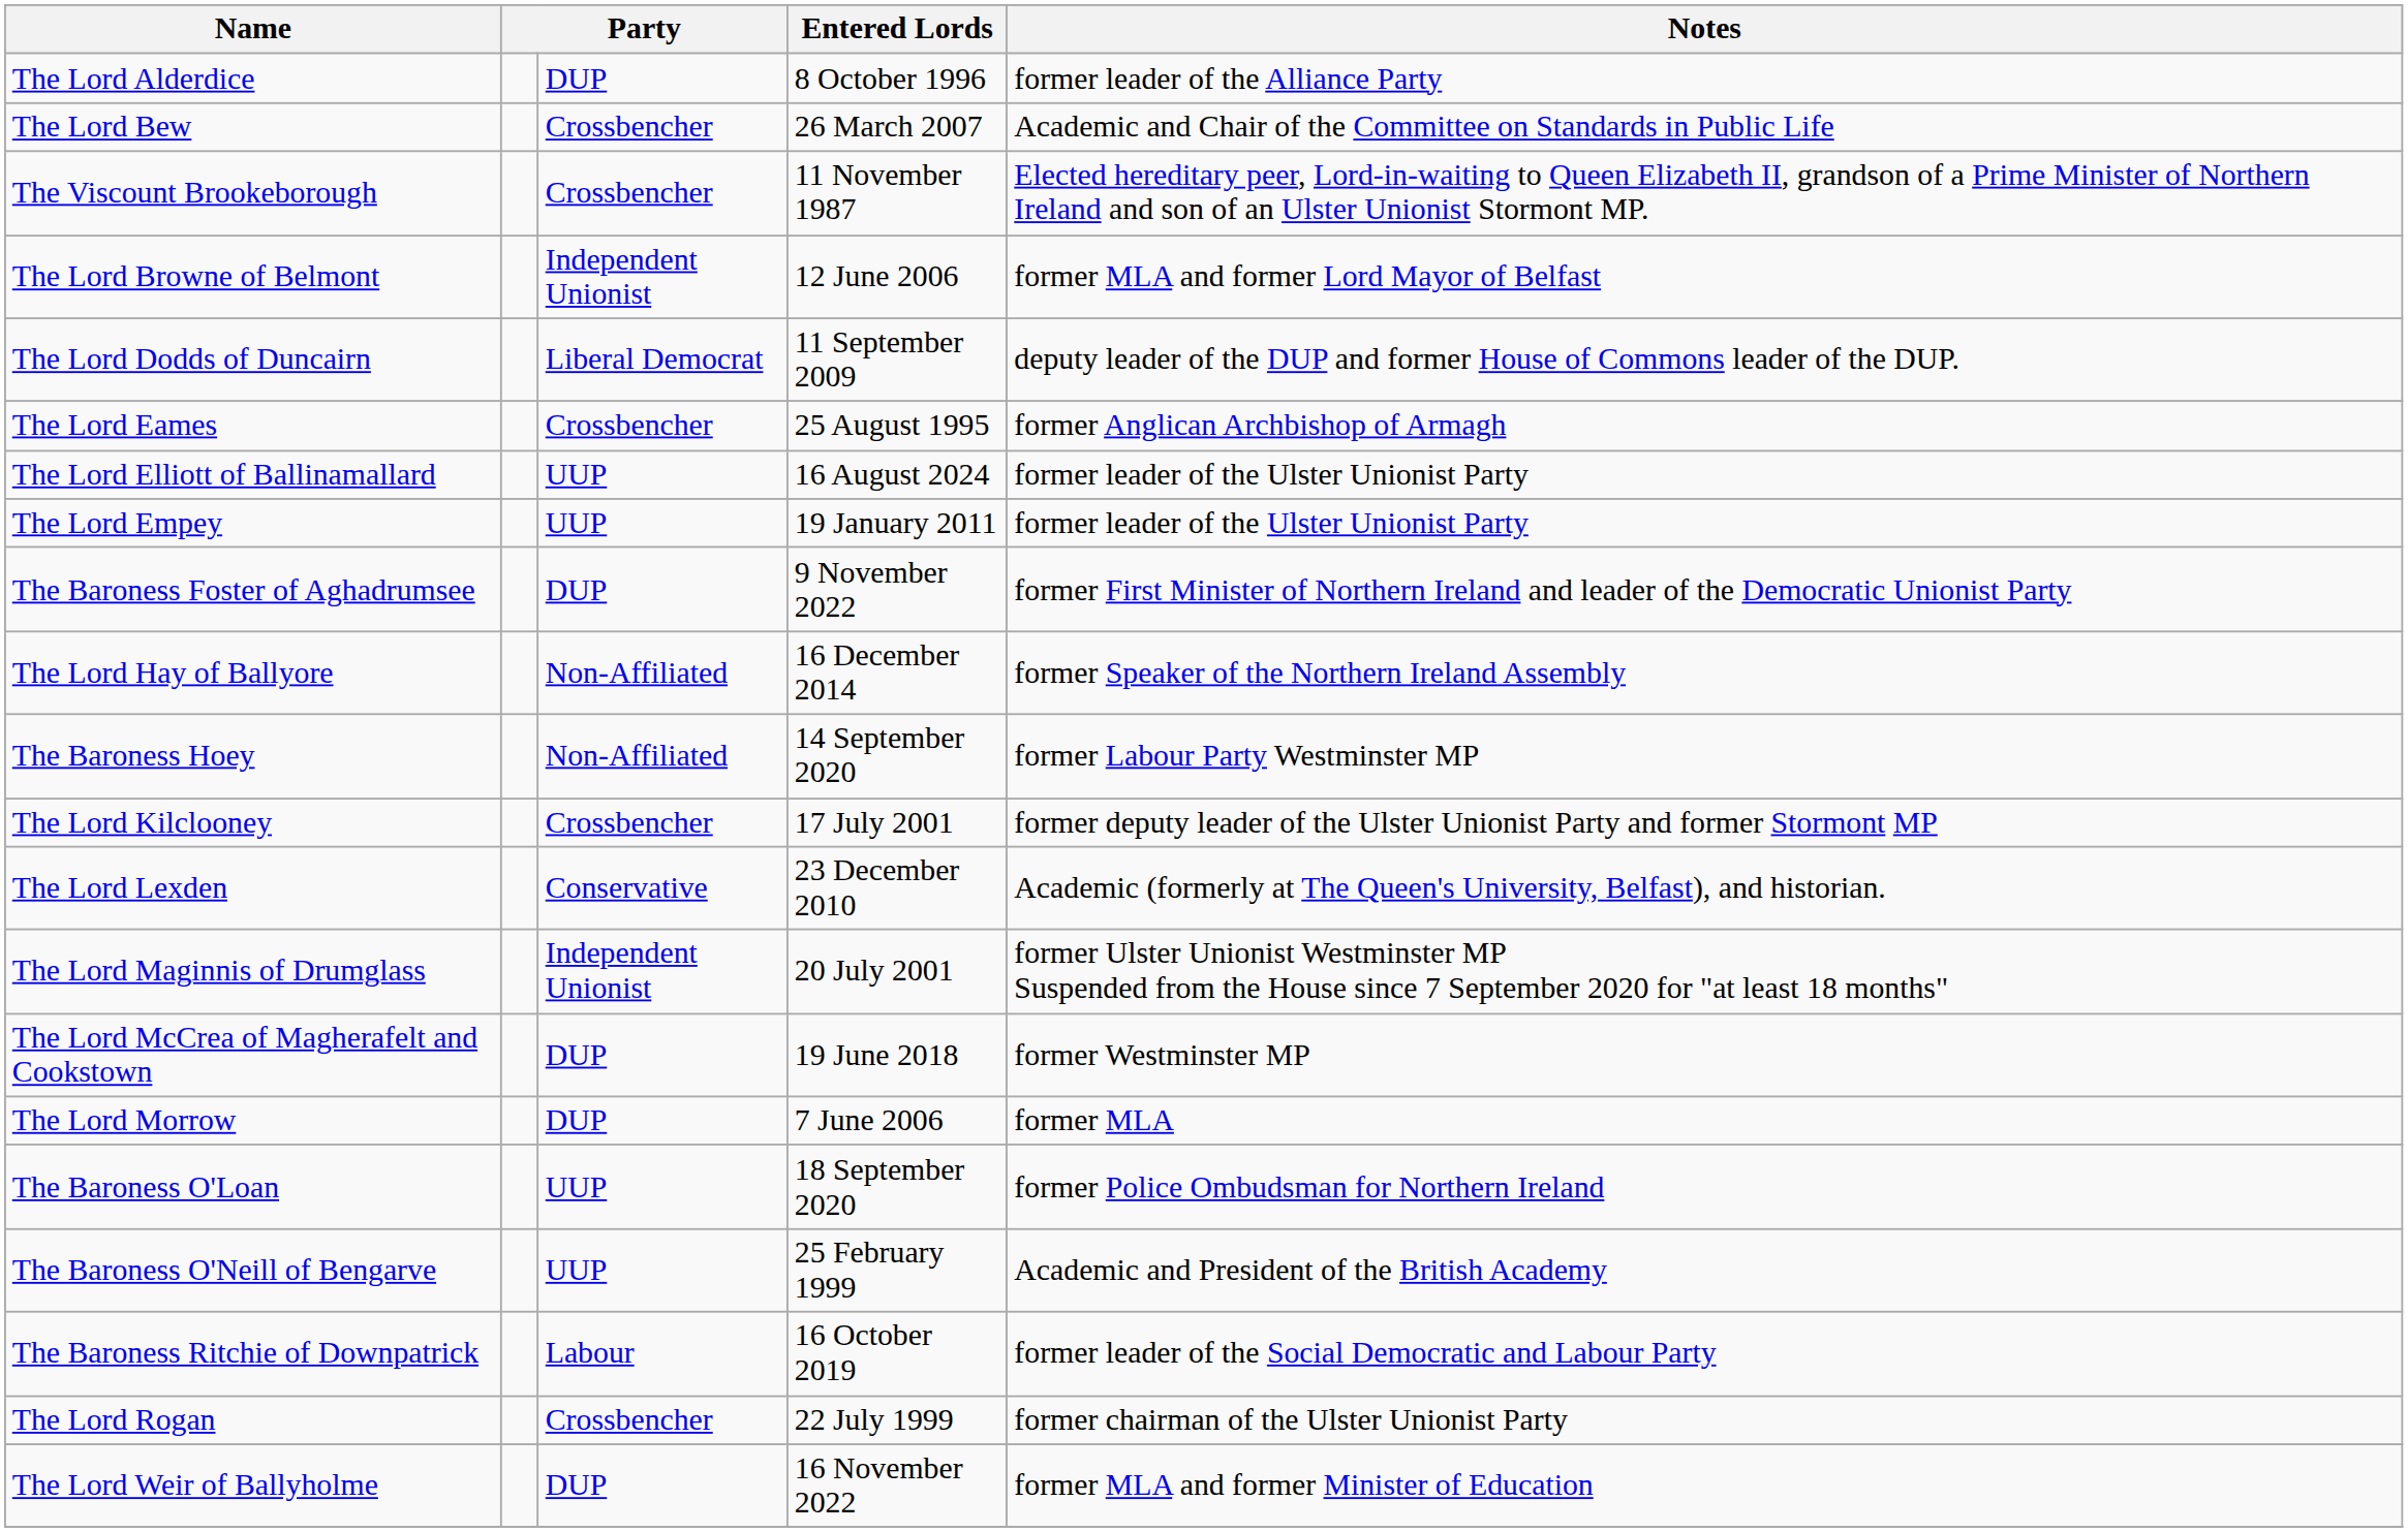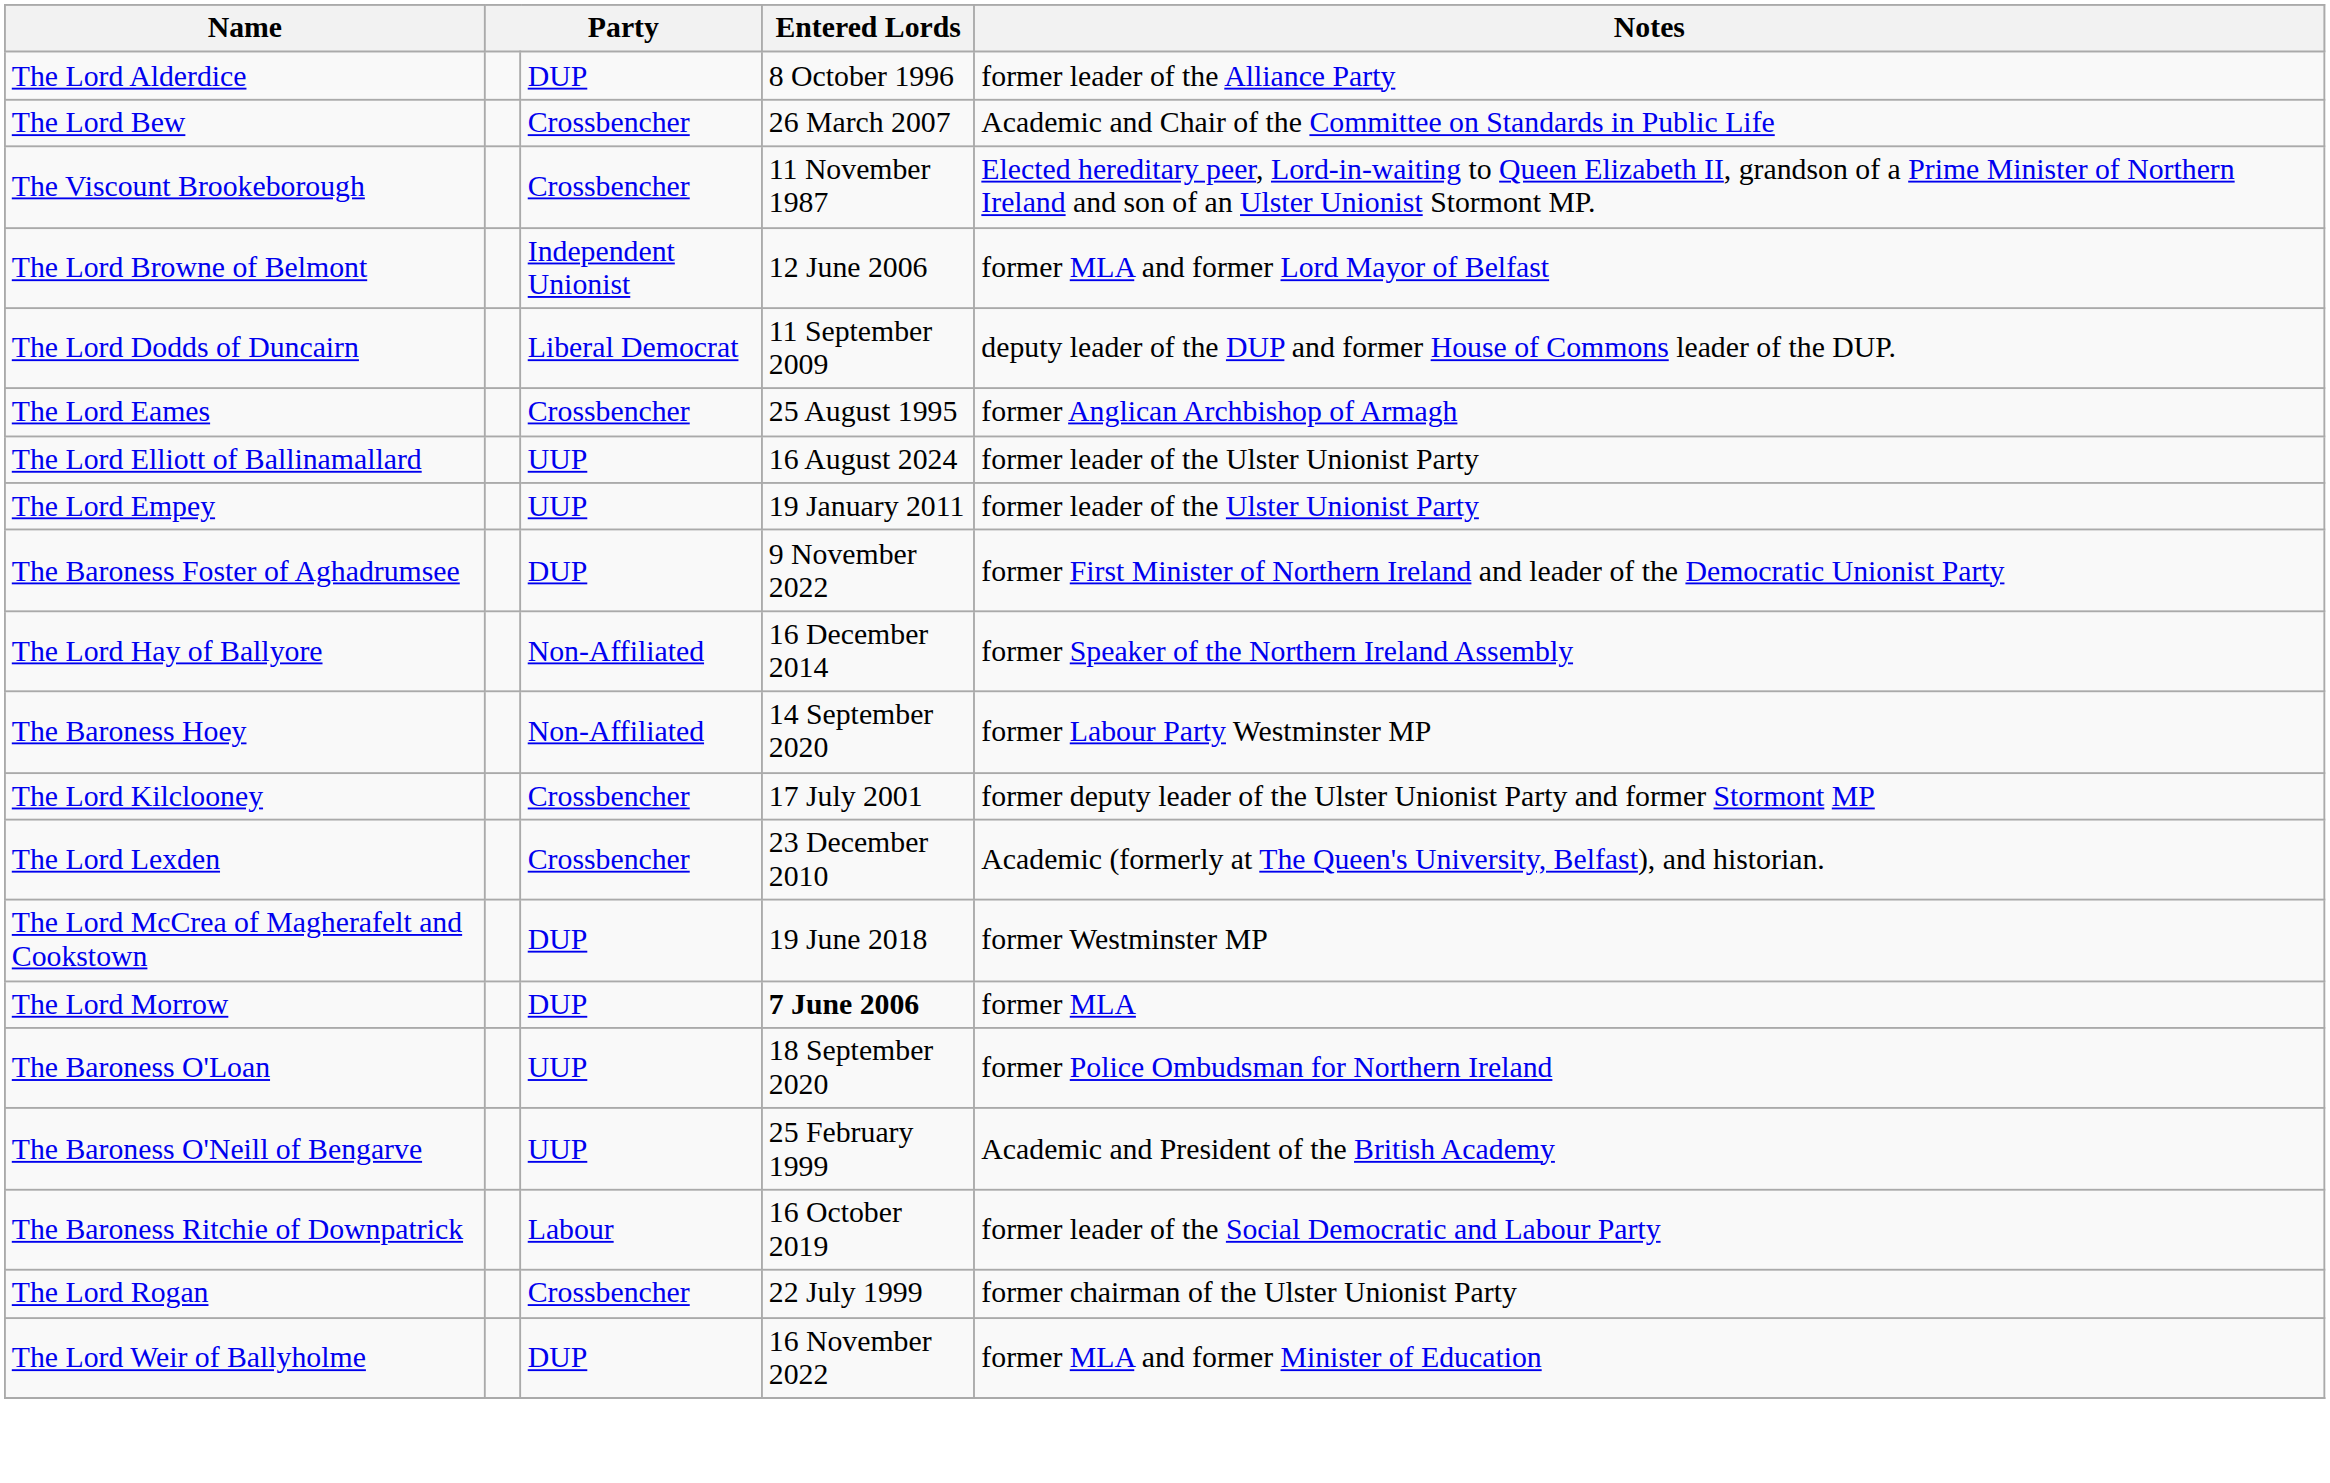 <table class="wikitable sortable" scope="row">
 <tr bgcolor=cccccc>
 <th>Name</th>
 <th colspan=2>Party</th>
 <th>Entered Lords</th>
 <th>Notes</th>
 </tr>
 <tr>
 <td><a href='#'>The Lord Alderdice</a></td>
 <td style="background:">   </td>
 <td><a href='#'>DUP</a></td>
 <td>8 October 1996</td>
 <td>former leader of the <a href='#'>Alliance Party</a></td>
 </tr>
 <tr>
 <td><a href='#'>The Lord Bew</a></td>
 <td style="background:">   </td>
 <td><a href='#'>Crossbencher</a></td>
 <td>26 March 2007</td>
 <td>Academic and Chair of the <a href='#'>Committee on Standards in Public Life</a></td>
 </tr>
 <tr>
 <td><a href='#'>The Viscount Brookeborough</a></td>
 <td style="background:">   </td>
 <td><a href='#'>Crossbencher</a></td>
 <td>11 November 1987</td>
 <td><a href='#'>Elected hereditary peer</a>, <a href='#'>Lord-in-waiting</a> to <a href='#'>Queen Elizabeth II</a>, grandson of a <a href='#'>Prime Minister of Northern Ireland</a> and son of an <a href='#'>Ulster Unionist</a> Stormont MP.</td>
 </tr>
 <tr>
 <td><a href='#'>The Lord Browne of Belmont</a></td>
 <td style="background:">   </td>
 <td><a href='#'>Independent Unionist</a></td>
 <td>12 June 2006</td>
 <td>former <a href='#'>MLA</a> and former <a href='#'>Lord Mayor of Belfast</a></td>
 </tr>
 <tr>
 <td><a href='#'>The Lord Dodds of Duncairn</a></td>
 <td style="background:">   </td>
 <td><a href='#'>Liberal Democrat</a></td>
 <td>11 September 2009</td>
 <td>deputy leader of the <a href='#'>DUP</a> and former <a href='#'>House of Commons</a> leader of the DUP.</td>
 </tr>
 <tr>
 <td><a href='#'>The Lord Eames</a></td>
 <td style="background:">   </td>
 <td><a href='#'>Crossbencher</a></td>
 <td>25 August 1995</td>
 <td>former <a href='#'>Anglican Archbishop of Armagh</a></td>
 </tr>
 <tr>
 <td><a href='#'>The Lord Elliott of Ballinamallard</a></td>
 <td style="background:">   </td>
 <td><a href='#'>UUP</a></td>
 <td>16 August 2024</td>
 <td>former leader of the Ulster Unionist Party</td>
 </tr>
 <tr>
 <td><a href='#'>The Lord Empey</a></td>
 <td style="background:">   </td>
 <td><a href='#'>UUP</a></td>
 <td>19 January 2011</td>
 <td>former leader of the <a href='#'>Ulster Unionist Party</a></td>
 </tr>
 <tr>
 <td><a href='#'>The Baroness Foster of Aghadrumsee</a></td>
 <td style="background:">   </td>
 <td><a href='#'>DUP</a></td>
 <td>9 November 2022</td>
 <td>former <a href='#'>First Minister of Northern Ireland</a> and leader of the <a href='#'>Democratic Unionist Party</a></td>
 </tr>
 <tr>
 <td><a href='#'>The Lord Hay of Ballyore</a></td>
 <td style="background:">   </td>
 <td><a href='#'>Non-Affiliated</a></td>
 <td>16 December 2014</td>
 <td>former <a href='#'>Speaker of the Northern Ireland Assembly</a></td>
 </tr>
 <tr>
 <td><a href='#'>The Baroness Hoey</a></td>
 <td style="background:">   </td>
 <td><a href='#'>Non-Affiliated</a></td>
 <td>14 September 2020</td>
 <td>former <a href='#'>Labour Party</a> Westminster MP</td>
 </tr>
 <tr>
 <td><a href='#'>The Lord Kilclooney</a></td>
 <td style="background:">   </td>
 <td><a href='#'>Crossbencher</a></td>
 <td>17 July 2001</td>
 <td>former deputy leader of the Ulster Unionist Party and former <a href='#'>Stormont</a> <a href='#'>MP</a></td>
 </tr>
 <tr>
 <td><a href='#'>The Lord Lexden</a></td>
 <td style="background:">   </td>
-<td><a href='#'>Conservative</a></td>
+<td><a href='#'>Crossbencher</a></td>
 <td>23 December 2010</td>
 <td>Academic (formerly at <a href='#'>The Queen's University, Belfast</a>), and historian.</td>
-</tr>
-<tr>
-<td><a href='#'>The Lord Maginnis of Drumglass</a></td>
-<td style="background:">   </td>
-<td><a href='#'>Independent Unionist</a></td>
-<td>20 July 2001</td>
-<td>former Ulster Unionist Westminster MP<br>Suspended from the House since 7 September 2020 for "at least 18 months"</td>
 </tr>
 <tr>
 <td><a href='#'>The Lord McCrea of Magherafelt and Cookstown</a></td>
 <td style="background:">   </td>
 <td><a href='#'>DUP</a></td>
 <td>19 June 2018</td>
 <td>former Westminster MP</td>
 </tr>
 <tr>
 <td><a href='#'>The Lord Morrow</a></td>
 <td style="background:">   </td>
 <td><a href='#'>DUP</a></td>
-<td>7 June 2006</td>
+<td><strong>7 June 2006</strong></td>
 <td>former <a href='#'>MLA</a></td>
 </tr>
 <tr>
 <td><a href='#'>The Baroness O'Loan</a></td>
 <td style="background:">   </td>
 <td><a href='#'>UUP</a></td>
 <td>18 September 2020</td>
 <td>former <a href='#'>Police Ombudsman for Northern Ireland</a></td>
 </tr>
 <tr>
 <td><a href='#'>The Baroness O'Neill of Bengarve</a></td>
 <td style="background:">   </td>
 <td><a href='#'>UUP</a></td>
 <td>25 February 1999</td>
 <td>Academic and President of the <a href='#'>British Academy</a></td>
 </tr>
 <tr>
 <td><a href='#'>The Baroness Ritchie of Downpatrick</a></td>
 <td style="background:">   </td>
 <td><a href='#'>Labour</a></td>
 <td>16 October 2019</td>
 <td>former leader of the <a href='#'>Social Democratic and Labour Party</a></td>
 </tr>
 <tr>
 <td><a href='#'>The Lord Rogan</a></td>
 <td style="background:">   </td>
 <td><a href='#'>Crossbencher</a></td>
 <td>22 July 1999</td>
 <td>former chairman of the Ulster Unionist Party</td>
 </tr>
 <tr>
 <td><a href='#'>The Lord Weir of Ballyholme</a></td>
 <td style="background:">   </td>
 <td><a href='#'>DUP</a></td>
 <td>16 November 2022</td>
 <td>former <a href='#'>MLA</a> and former <a href='#'>Minister of Education</a></td>
 </tr>
 <tr>
 </tr>
 </table>
